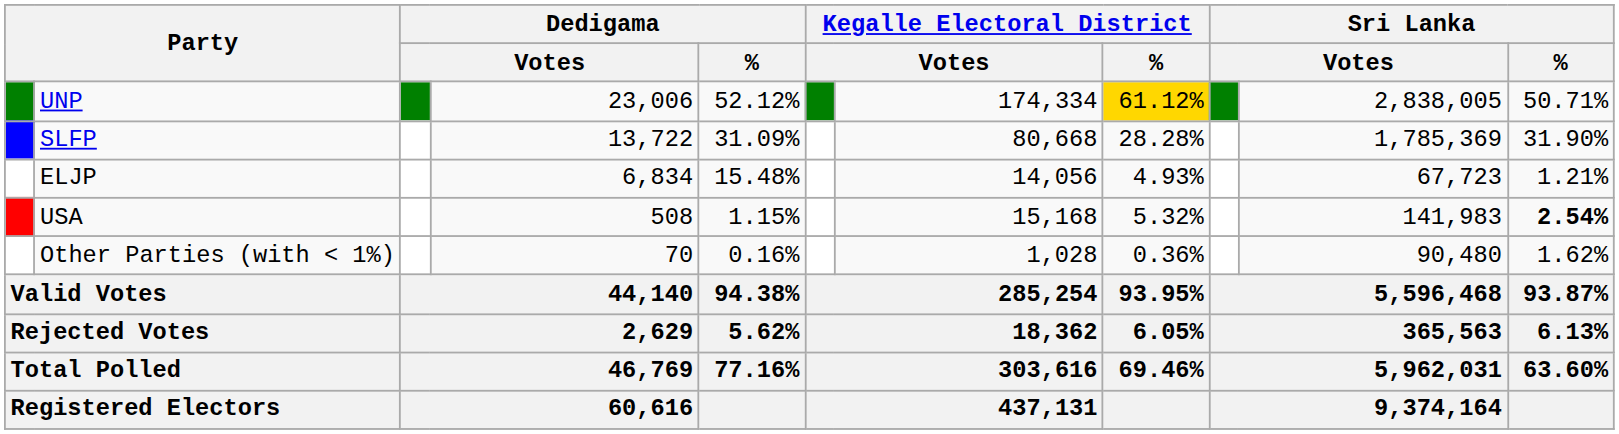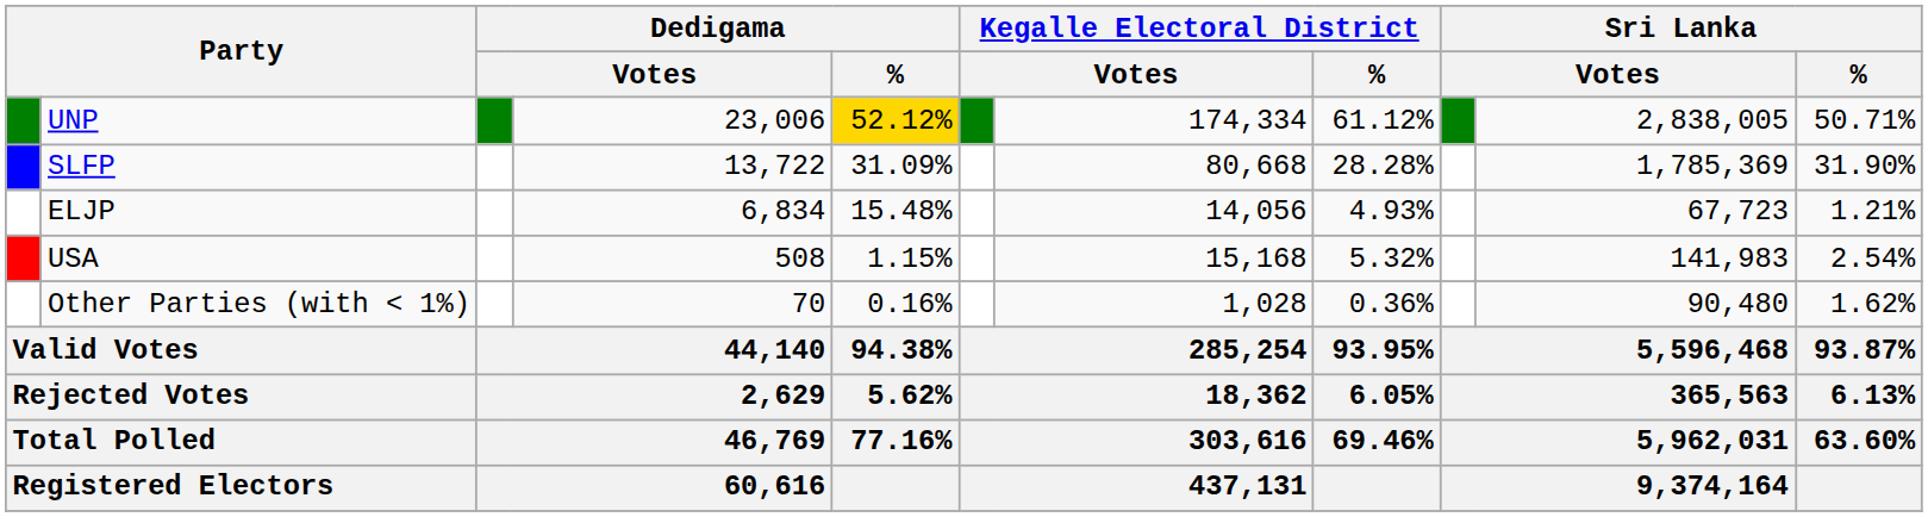 <table class="wikitable">
 <tr>
 <th colspan="2" width="144px"rowspan="2">Party</th>
 <th colspan="3" width="216px">Dedigama</th>
 <th colspan="3" width="216px"><a href='#'>Kegalle Electoral District</a></th>
 <th colspan="3" width="216px">Sri Lanka</th>
 </tr>
 <tr>
 <th colspan="2" width="144px">Votes</th>
 <th>%</th>
 <th colspan="2" width="144px">Votes</th>
 <th>%</th>
 <th colspan="2" width="144px">Votes</th>
 <th>%</th>
 </tr>
 <tr>
 <td style="background-color:green;" width="10px"></td>
 <td style="text-align:left;"><a href='#'>UNP</a></td>
 <td style="background-color:green;" width="10px"></td>
 <td style="text-align:right;">23,006</td>
-<td style="text-align:right;">52.12%</td>
+<td style="background: gold; text-align:right;">52.12%</td>
 <td style="background-color:green;" width="10px"></td>
 <td style="text-align:right;">174,334</td>
-<td style="background: gold; text-align:right;">61.12%</td>
+<td style="text-align:right;">61.12%</td>
 <td style="background-color:green;" width="10px"></td>
 <td style="text-align:right;">2,838,005</td>
 <td style="text-align:right;">50.71%</td>
 </tr>
 <tr>
 <td style="background-color:blue;" width="10px"></td>
 <td style="text-align:left;"><a href='#'>SLFP</a></td>
 <td style="background-color:white;" width="10px"></td>
 <td style="text-align:right;">13,722</td>
 <td style="text-align:right;">31.09%</td>
 <td style="background-color:white;" width="10px"></td>
 <td style="text-align:right;">80,668</td>
 <td style="text-align:right;">28.28%</td>
 <td style="background-color:white;" width="10px"></td>
 <td style="text-align:right;">1,785,369</td>
 <td style="text-align:right;">31.90%</td>
 </tr>
 <tr>
 <td style="background-color:white;" width="10px"></td>
 <td style="text-align:left;">ELJP</td>
 <td style="background-color:white;" width="10px"></td>
 <td style="text-align:right;">6,834</td>
 <td style="text-align:right;">15.48%</td>
 <td style="background-color:white;" width="10px"></td>
 <td style="text-align:right;">14,056</td>
 <td style="text-align:right;">4.93%</td>
 <td style="background-color:white;" width="10px"></td>
 <td style="text-align:right;">67,723</td>
 <td style="text-align:right;">1.21%</td>
 </tr>
 <tr>
 <td style="background-color:red;" width="10px"></td>
 <td style="text-align:left;">USA</td>
 <td style="background-color:white;" width="10px"></td>
 <td style="text-align:right;">508</td>
 <td style="text-align:right;">1.15%</td>
 <td style="background-color:white;" width="10px"></td>
 <td style="text-align:right;">15,168</td>
 <td style="text-align:right;">5.32%</td>
 <td style="background-color:white;" width="10px"></td>
 <td style="text-align:right;">141,983</td>
-<td style="text-align:right;"><strong>2.54%</strong></td>
+<td style="text-align:right;">2.54%</td>
 </tr>
 <tr>
 <td style="background-color:white;" width="10px"></td>
 <td style="text-align:left;">Other Parties (with < 1%)</td>
 <td style="background-color:white;" width="10px"></td>
 <td style="text-align:right;">70</td>
 <td style="text-align:right;">0.16%</td>
 <td style="background-color:white;" width="10px"></td>
 <td style="text-align:right;">1,028</td>
 <td style="text-align:right;">0.36%</td>
 <td style="background-color:white;" width="10px"></td>
 <td style="text-align:right;">90,480</td>
 <td style="text-align:right;">1.62%</td>
 </tr>
 <tr>
 <th colspan="2" width="144px"style="text-align:left;">Valid Votes</th>
 <th style="text-align:right;"colspan="2" width="144px">44,140</th>
 <th style="text-align:right;">94.38%</th>
 <th style="text-align:right;"colspan="2" width="144px">285,254</th>
 <th style="text-align:right;">93.95%</th>
 <th style="text-align:right;"colspan="2" width="144px">5,596,468</th>
 <th style="text-align:right;">93.87%</th>
 </tr>
 <tr>
 <th colspan="2" width="144px"style="text-align:left;">Rejected Votes</th>
 <th style="text-align:right;"colspan="2" width="144px">2,629</th>
 <th style="text-align:right;">5.62%</th>
 <th style="text-align:right;"colspan="2" width="144px">18,362</th>
 <th style="text-align:right;">6.05%</th>
 <th style="text-align:right;"colspan="2" width="144px">365,563</th>
 <th style="text-align:right;">6.13%</th>
 </tr>
 <tr>
 <th colspan="2" width="144px"style="text-align:left;">Total Polled</th>
 <th style="text-align:right;"colspan="2" width="144px">46,769</th>
 <th style="text-align:right;">77.16%</th>
 <th style="text-align:right;"colspan="2" width="144px">303,616</th>
 <th style="text-align:right;">69.46%</th>
 <th style="text-align:right;"colspan="2" width="144px">5,962,031</th>
 <th style="text-align:right;">63.60%</th>
 </tr>
 <tr>
 <th colspan="2" width="144px"style="text-align:left;">Registered Electors</th>
 <th style="text-align:right;"colspan="2" width="144px">60,616</th>
 <th></th>
 <th style="text-align:right;"colspan="2" width="144px">437,131</th>
 <th></th>
 <th style="text-align:right;"colspan="2" width="144px">9,374,164</th>
 <th></th>
 </tr>
 </table>
